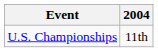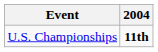 <table class="wikitable">
 <tr>
 <th>Event</th>
 <th>2004</th>
 </tr>
 <tr>
 <td><a href='#'>U.S. Championships</a></td>
-<td style="text-align:center;">11th</td>
+<td style="text-align:center;"><strong>11th</strong></td>
 </tr>
 </table>
